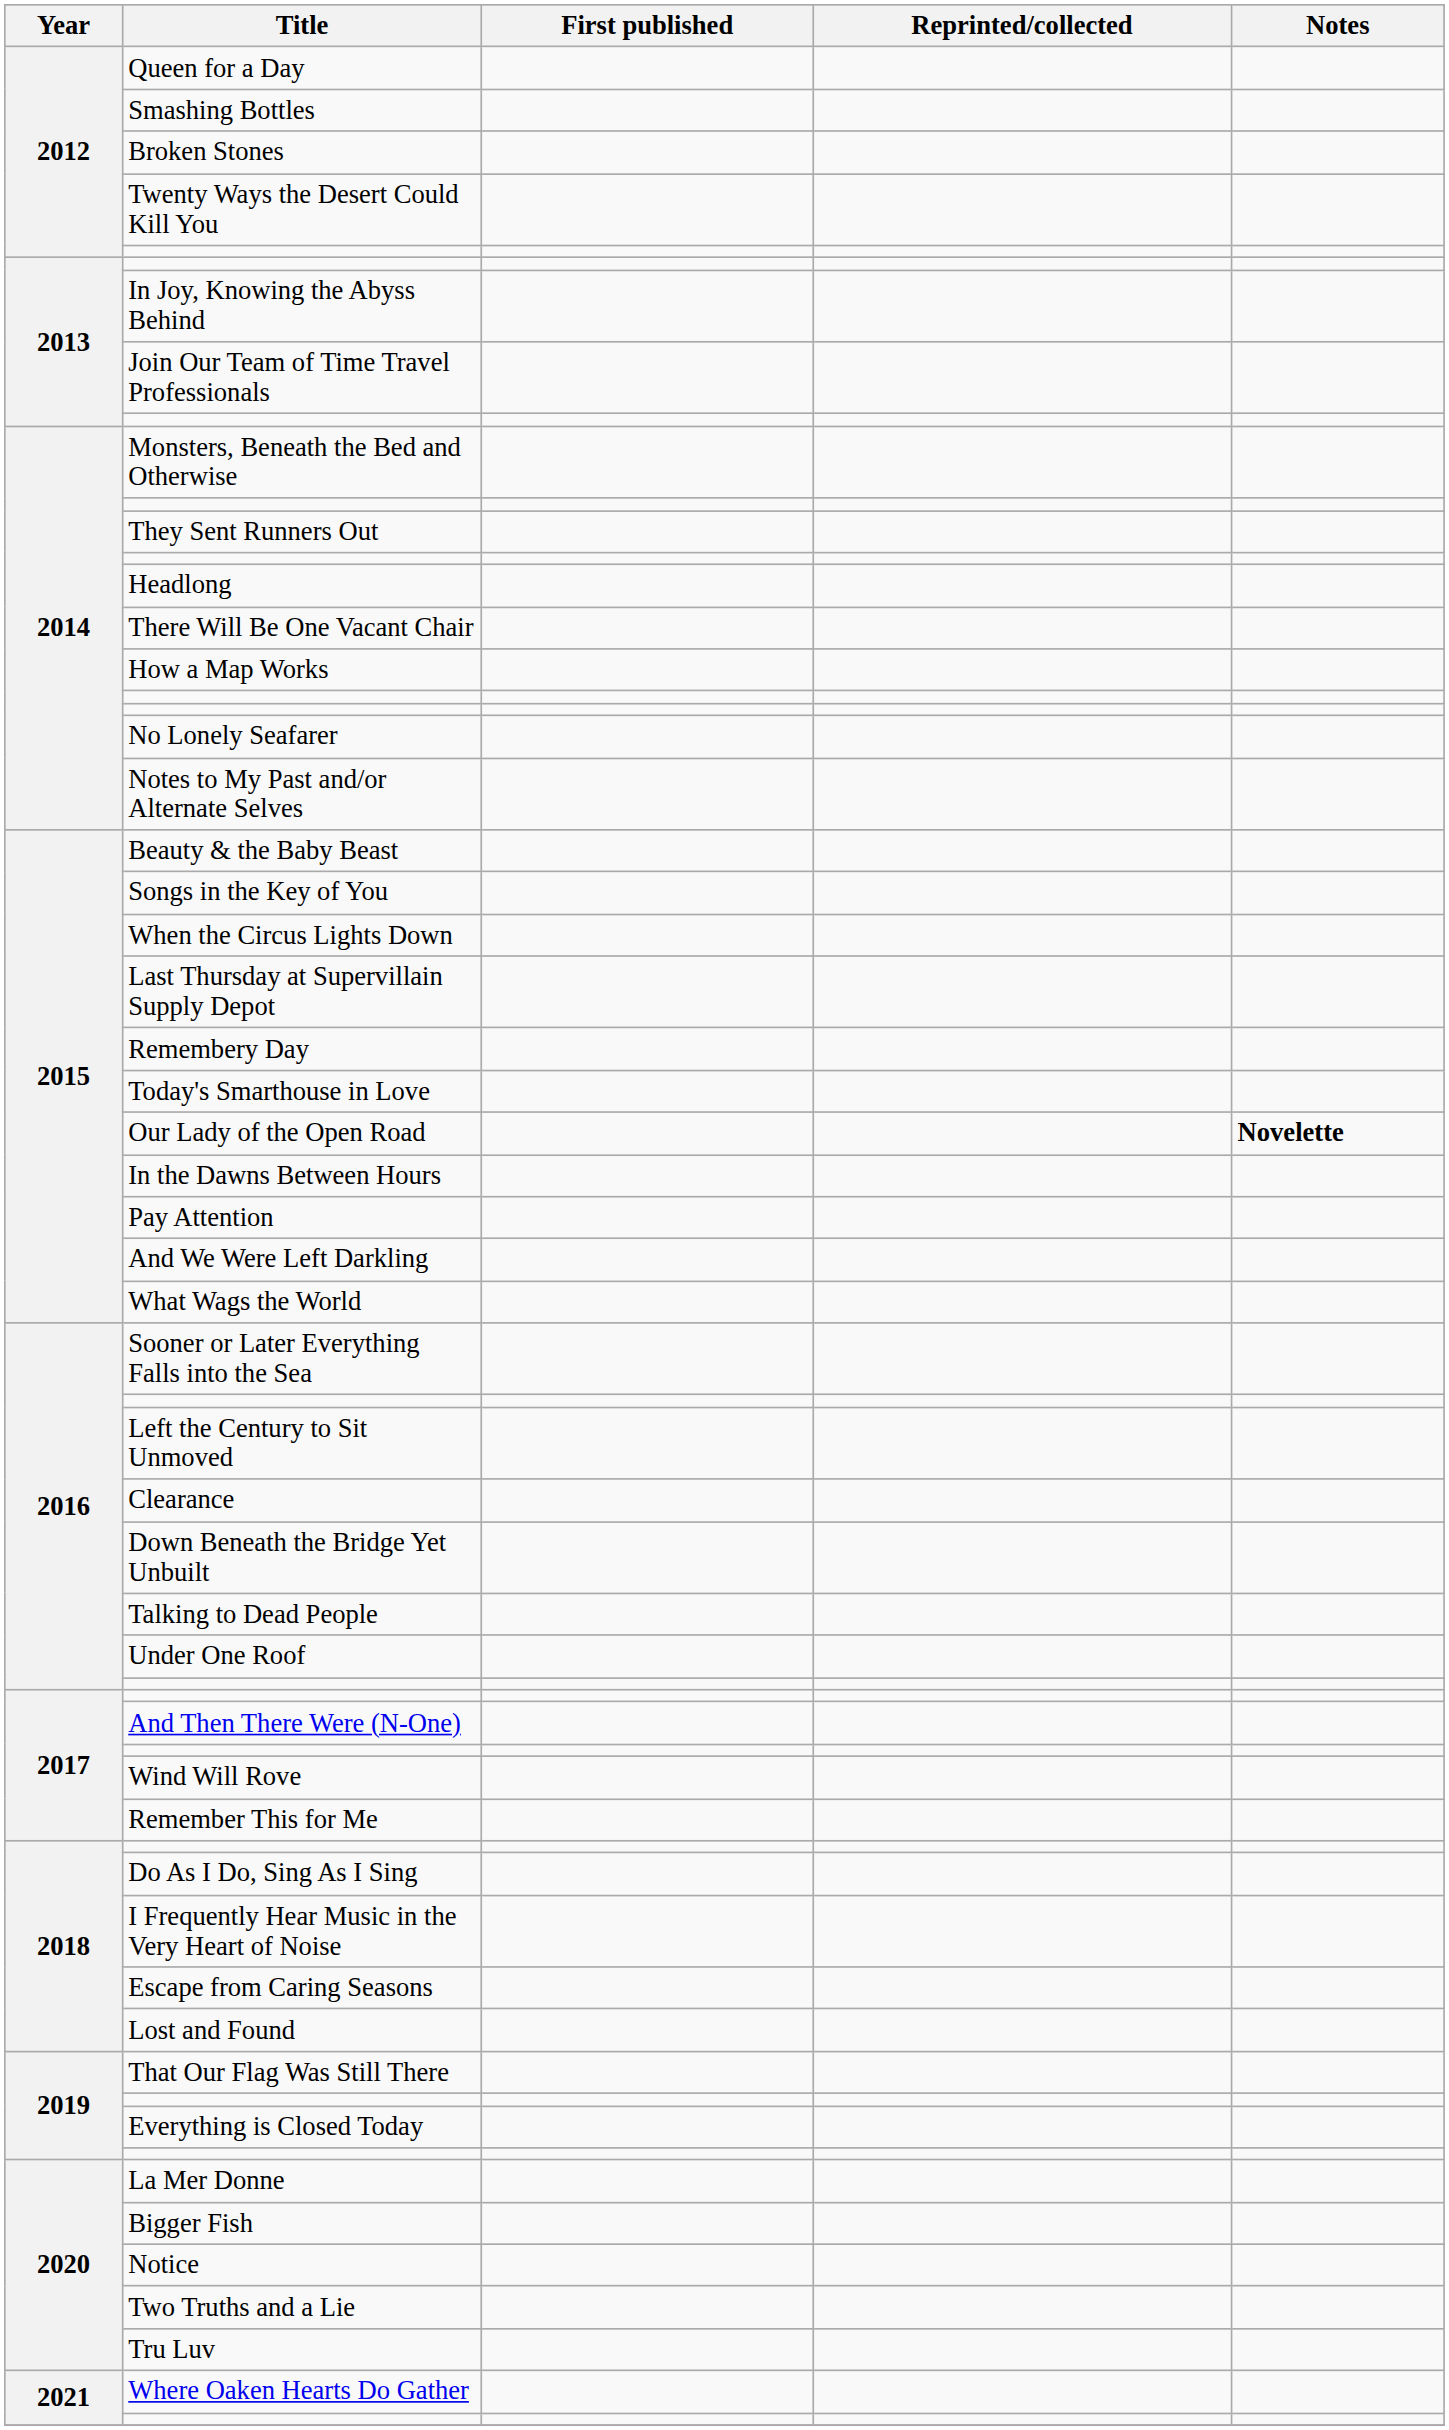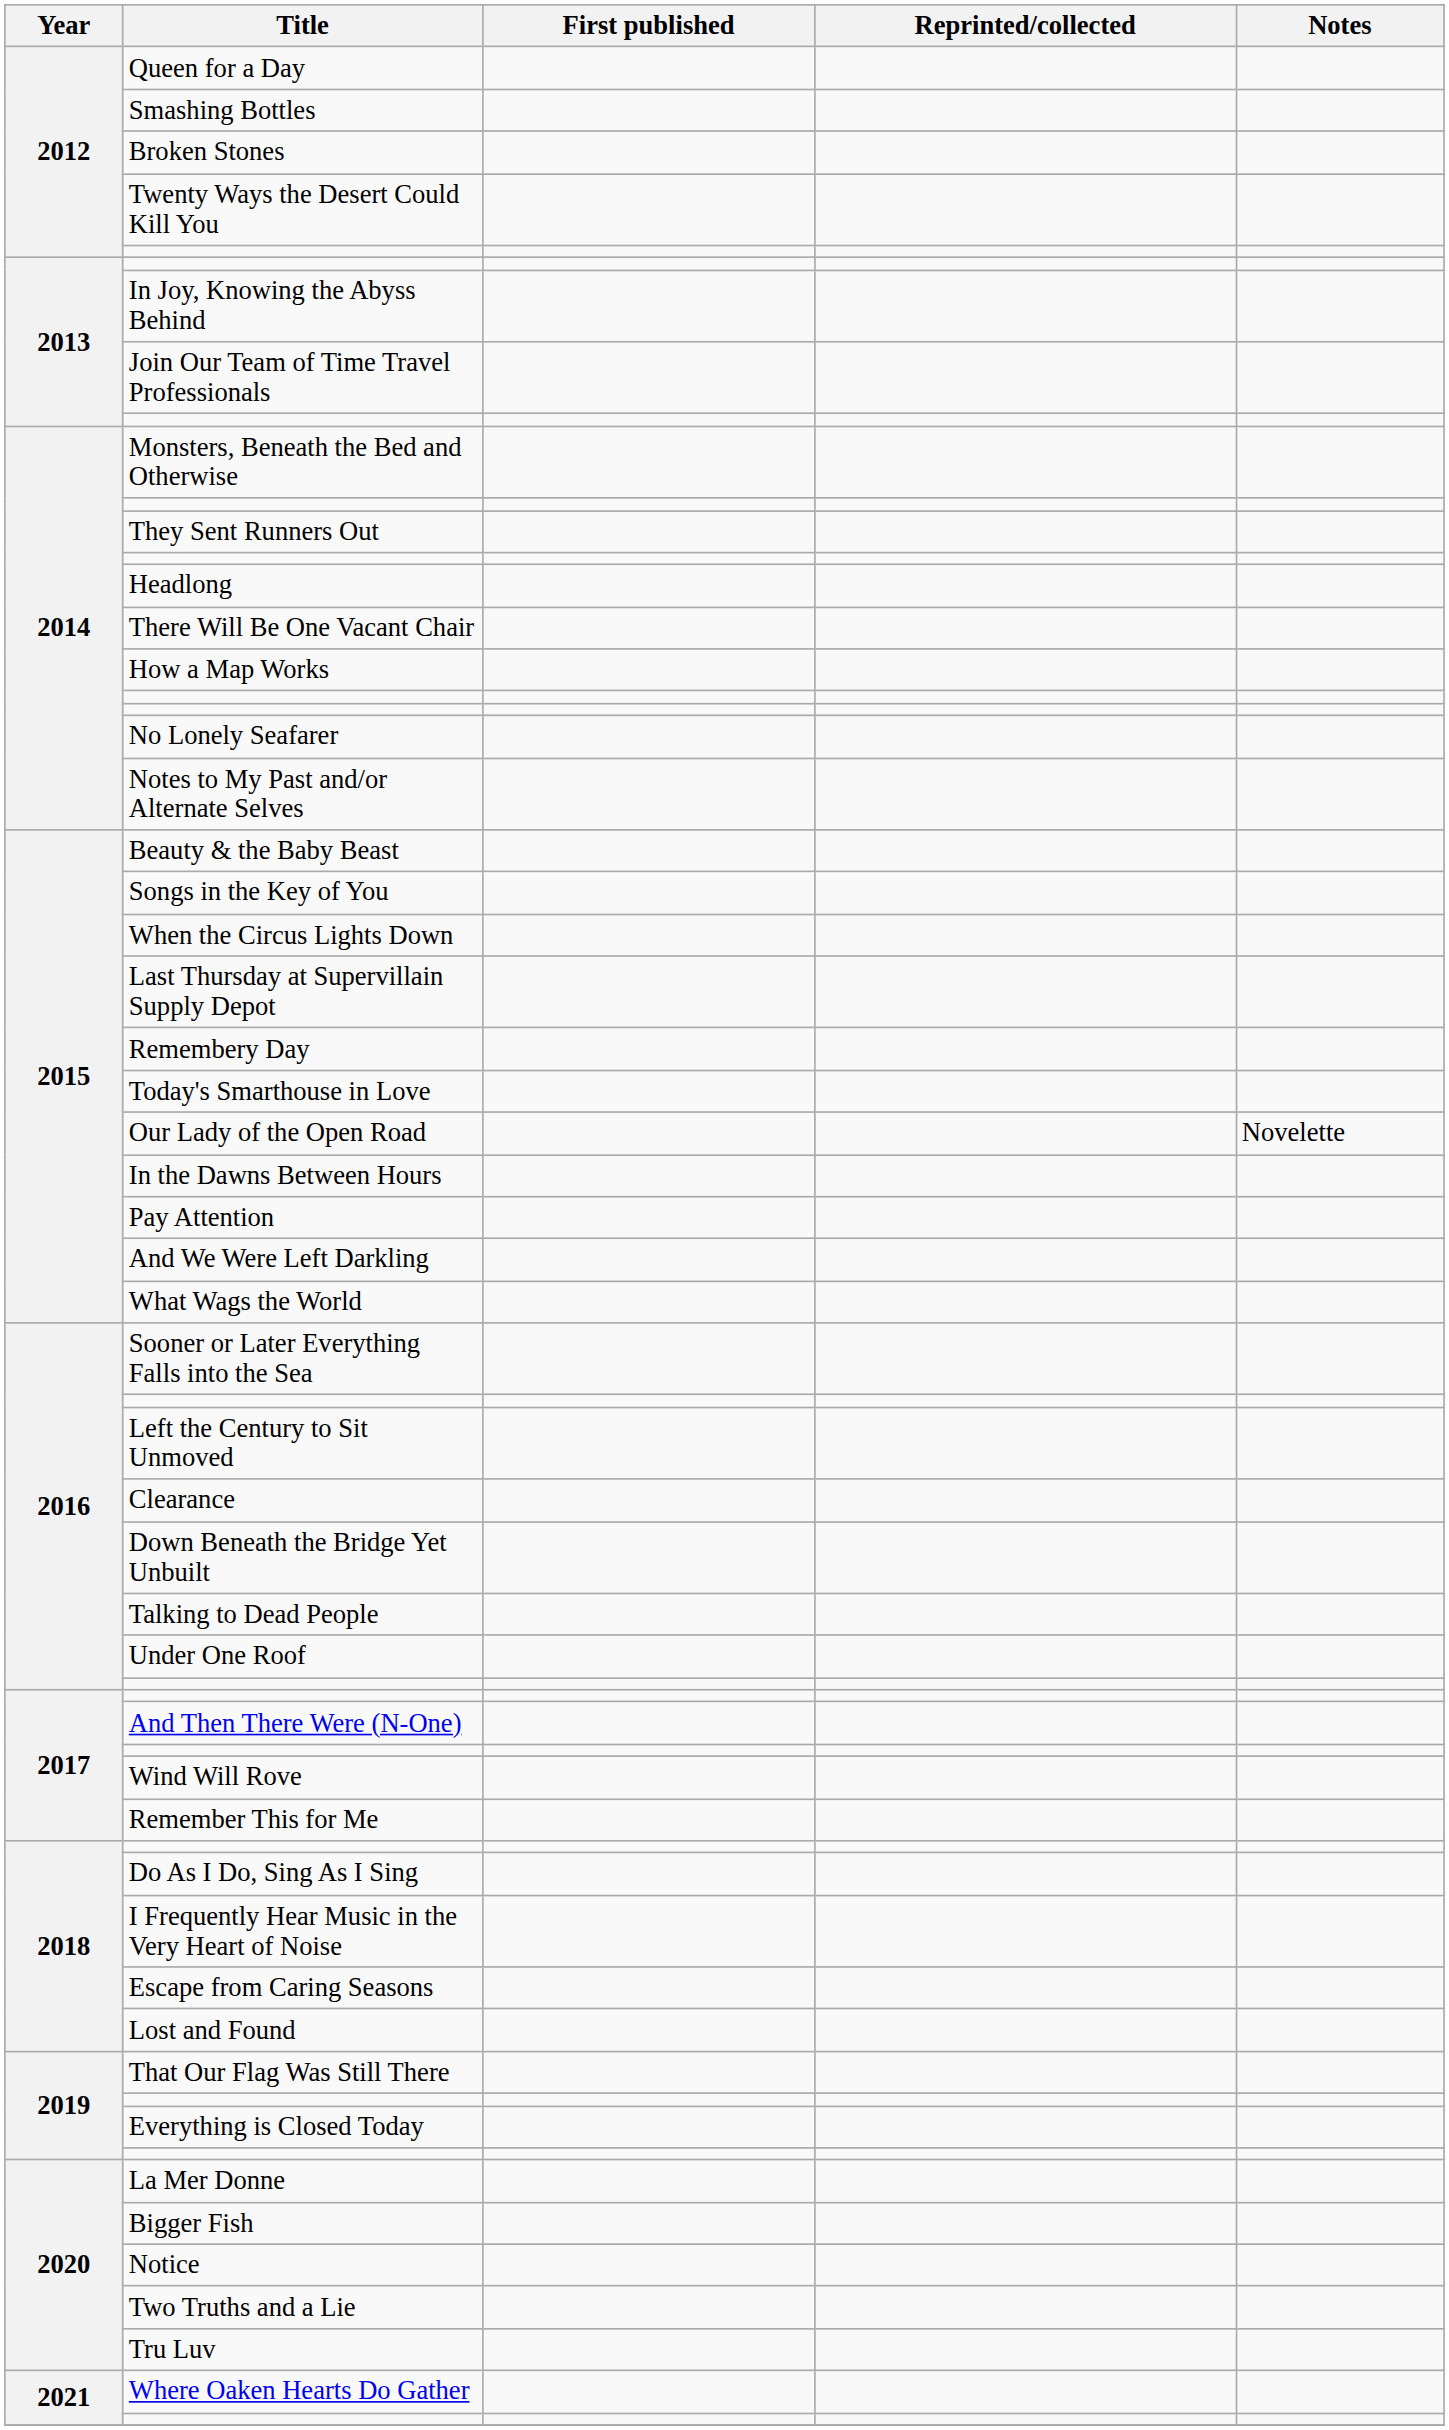 <table class='wikitable sortable'>
 <tr>
 <th>Year</th>
 <th width=25%>Title</th>
 <th>First published</th>
 <th>Reprinted/collected</th>
 <th>Notes</th>
 </tr>
 <tr>
 <th rowspan=5>2012</th>
 <td>Queen for a Day</td>
 <td></td>
 <td></td>
 <td></td>
 </tr>
 <tr>
 <td>Smashing Bottles</td>
 <td></td>
 <td></td>
 <td></td>
 </tr>
 <tr>
 <td>Broken Stones</td>
 <td></td>
 <td></td>
 <td></td>
 </tr>
 <tr>
 <td>Twenty Ways the Desert Could Kill You</td>
 <td></td>
 <td></td>
 <td></td>
 </tr>
 <tr>
 <td></td>
 <td></td>
 <td></td>
 <td></td>
 </tr>
 <tr>
 <th rowspan=4>2013</th>
 <td></td>
 <td></td>
 <td></td>
 <td></td>
 </tr>
 <tr>
 <td>In Joy, Knowing the Abyss Behind</td>
 <td></td>
 <td></td>
 <td></td>
 </tr>
 <tr>
 <td>Join Our Team of Time Travel Professionals</td>
 <td></td>
 <td></td>
 <td></td>
 </tr>
 <tr>
 <td></td>
 <td></td>
 <td></td>
 <td></td>
 </tr>
 <tr>
 <th rowspan=11>2014</th>
 <td>Monsters, Beneath the Bed and Otherwise</td>
 <td></td>
 <td></td>
 <td></td>
 </tr>
 <tr>
 <td></td>
 <td></td>
 <td></td>
 <td></td>
 </tr>
 <tr>
 <td>They Sent Runners Out</td>
 <td></td>
 <td></td>
 <td></td>
 </tr>
 <tr>
 <td></td>
 <td></td>
 <td></td>
 <td></td>
 </tr>
 <tr>
 <td>Headlong</td>
 <td></td>
 <td></td>
 <td></td>
 </tr>
 <tr>
 <td>There Will Be One Vacant Chair</td>
 <td></td>
 <td></td>
 <td></td>
 </tr>
 <tr>
 <td>How a Map Works</td>
 <td></td>
 <td></td>
 <td></td>
 </tr>
 <tr>
 <td></td>
 <td></td>
 <td></td>
 <td></td>
 </tr>
 <tr>
 <td></td>
 <td></td>
 <td></td>
 <td></td>
 </tr>
 <tr>
 <td>No Lonely Seafarer</td>
 <td></td>
 <td></td>
 <td></td>
 </tr>
 <tr>
 <td>Notes to My Past and/or Alternate Selves</td>
 <td></td>
 <td></td>
 <td></td>
 </tr>
 <tr>
 <th rowspan=11>2015</th>
 <td>Beauty & the Baby Beast</td>
 <td></td>
 <td></td>
 <td></td>
 </tr>
 <tr>
 <td>Songs in the Key of You</td>
 <td></td>
 <td></td>
 <td></td>
 </tr>
 <tr>
 <td>When the Circus Lights Down</td>
 <td></td>
 <td></td>
 <td></td>
 </tr>
 <tr>
 <td>Last Thursday at Supervillain Supply Depot</td>
 <td></td>
 <td></td>
 <td></td>
 </tr>
 <tr>
 <td>Remembery Day</td>
 <td></td>
 <td></td>
 <td></td>
 </tr>
 <tr>
 <td>Today's Smarthouse in Love</td>
 <td></td>
 <td></td>
 <td></td>
 </tr>
 <tr>
 <td>Our Lady of the Open Road</td>
 <td></td>
 <td></td>
-<td><strong>Novelette</strong></td>
+<td>Novelette</td>
 </tr>
 <tr>
 <td>In the Dawns Between Hours</td>
 <td></td>
 <td></td>
 <td></td>
 </tr>
 <tr>
 <td>Pay Attention</td>
 <td></td>
 <td></td>
 <td></td>
 </tr>
 <tr>
 <td>And We Were Left Darkling</td>
 <td></td>
 <td></td>
 <td></td>
 </tr>
 <tr>
 <td>What Wags the World</td>
 <td></td>
 <td></td>
 <td></td>
 </tr>
 <tr>
 <th rowspan=8>2016</th>
 <td>Sooner or Later Everything Falls into the Sea</td>
 <td></td>
 <td></td>
 <td></td>
 </tr>
 <tr>
 <td></td>
 <td></td>
 <td></td>
 <td></td>
 </tr>
 <tr>
 <td>Left the Century to Sit Unmoved</td>
 <td></td>
 <td></td>
 <td></td>
 </tr>
 <tr>
 <td>Clearance</td>
 <td></td>
 <td></td>
 <td></td>
 </tr>
 <tr>
 <td>Down Beneath the Bridge Yet Unbuilt</td>
 <td></td>
 <td></td>
 <td></td>
 </tr>
 <tr>
 <td>Talking to Dead People</td>
 <td></td>
 <td></td>
 <td></td>
 </tr>
 <tr>
 <td>Under One Roof</td>
 <td></td>
 <td></td>
 <td></td>
 </tr>
 <tr>
 <td></td>
 <td></td>
 <td></td>
 <td></td>
 </tr>
 <tr>
 <th rowspan=5>2017</th>
 <td></td>
 <td></td>
 <td></td>
 <td></td>
 </tr>
 <tr>
 <td><a href='#'>And Then There Were (N-One)</a></td>
 <td></td>
 <td></td>
 <td></td>
 </tr>
 <tr>
 <td></td>
 <td></td>
 <td></td>
 <td></td>
 </tr>
 <tr>
 <td>Wind Will Rove</td>
 <td></td>
 <td></td>
 <td></td>
 </tr>
 <tr>
 <td>Remember This for Me</td>
 <td></td>
 <td></td>
 <td></td>
 </tr>
 <tr>
 <th rowspan=5>2018</th>
 <td></td>
 <td></td>
 <td></td>
 <td></td>
 </tr>
 <tr>
 <td>Do As I Do, Sing As I Sing</td>
 <td></td>
 <td></td>
 <td></td>
 </tr>
 <tr>
 <td>I Frequently Hear Music in the Very Heart of Noise</td>
 <td></td>
 <td></td>
 <td></td>
 </tr>
 <tr>
 <td>Escape from Caring Seasons</td>
 <td></td>
 <td></td>
 <td></td>
 </tr>
 <tr>
 <td>Lost and Found</td>
 <td></td>
 <td></td>
 <td></td>
 </tr>
 <tr>
 <th rowspan=4>2019</th>
 <td>That Our Flag Was Still There</td>
 <td></td>
 <td></td>
 <td></td>
 </tr>
 <tr>
 <td></td>
 <td></td>
 <td></td>
 <td></td>
 </tr>
 <tr>
 <td>Everything is Closed Today</td>
 <td></td>
 <td></td>
 <td></td>
 </tr>
 <tr>
 <td></td>
 <td></td>
 <td></td>
 <td></td>
 </tr>
 <tr>
 <th rowspan=5>2020</th>
 <td>La Mer Donne</td>
 <td></td>
 <td></td>
 <td></td>
 </tr>
 <tr>
 <td>Bigger Fish</td>
 <td></td>
 <td></td>
 <td></td>
 </tr>
 <tr>
 <td>Notice</td>
 <td></td>
 <td></td>
 <td></td>
 </tr>
 <tr>
 <td>Two Truths and a Lie</td>
 <td></td>
 <td></td>
 <td></td>
 </tr>
 <tr>
 <td>Tru Luv</td>
 <td></td>
 <td></td>
 <td></td>
 </tr>
 <tr>
 <th rowspan=2>2021</th>
 <td><a href='#'>Where Oaken Hearts Do Gather</a></td>
 <td></td>
 <td></td>
 <td></td>
 </tr>
 <tr>
 <td></td>
 <td></td>
 <td></td>
 <td></td>
 </tr>
 <tr>
 </tr>
 </table>
